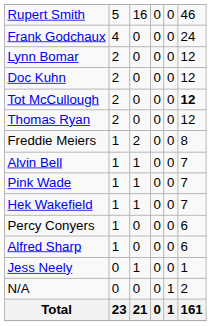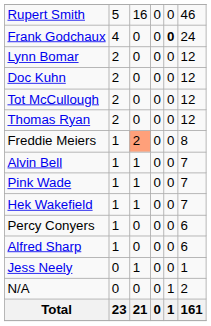 <table class="wikitable">
 <tr>
 </tr>
 <tr>
 <td><a href='#'>Rupert Smith</a></td>
 <td>5</td>
 <td>16</td>
 <td>0</td>
 <td>0</td>
 <td>46</td>
 </tr>
 <tr>
 <td><a href='#'>Frank Godchaux</a></td>
 <td>4</td>
 <td>0</td>
 <td>0</td>
-<td>0</td>
+<td><strong>0</strong></td>
 <td>24</td>
 </tr>
 <tr>
 <td><a href='#'>Lynn Bomar</a></td>
 <td>2</td>
 <td>0</td>
 <td>0</td>
 <td>0</td>
 <td>12</td>
 </tr>
 <tr>
 <td><a href='#'>Doc Kuhn</a></td>
 <td>2</td>
 <td>0</td>
 <td>0</td>
 <td>0</td>
 <td>12</td>
 </tr>
 <tr>
 <td><a href='#'>Tot McCullough</a></td>
 <td>2</td>
 <td>0</td>
 <td>0</td>
 <td>0</td>
-<td><strong>12</strong></td>
+<td>12</td>
 </tr>
 <tr>
 <td><a href='#'>Thomas Ryan</a></td>
 <td>2</td>
 <td>0</td>
 <td>0</td>
 <td>0</td>
 <td>12</td>
 </tr>
 <tr>
 <td>Freddie Meiers</td>
 <td>1</td>
-<td>2</td>
+<td style="background: lightsalmon;">2</td>
 <td>0</td>
 <td>0</td>
 <td>8</td>
 </tr>
 <tr>
 <td><a href='#'>Alvin Bell</a></td>
 <td>1</td>
 <td>1</td>
 <td>0</td>
 <td>0</td>
 <td>7</td>
 </tr>
 <tr>
 <td><a href='#'>Pink Wade</a></td>
 <td>1</td>
 <td>1</td>
 <td>0</td>
 <td>0</td>
 <td>7</td>
 </tr>
 <tr>
 <td><a href='#'>Hek Wakefield</a></td>
 <td>1</td>
 <td>1</td>
 <td>0</td>
 <td>0</td>
 <td>7</td>
 </tr>
 <tr>
 <td>Percy Conyers</td>
 <td>1</td>
 <td>0</td>
 <td>0</td>
 <td>0</td>
 <td>6</td>
 </tr>
 <tr>
 <td><a href='#'>Alfred Sharp</a></td>
 <td>1</td>
 <td>0</td>
 <td>0</td>
 <td>0</td>
 <td>6</td>
 </tr>
 <tr>
 <td><a href='#'>Jess Neely</a></td>
 <td>0</td>
 <td>1</td>
 <td>0</td>
 <td>0</td>
 <td>1</td>
 </tr>
 <tr>
 <td>N/A</td>
 <td>0</td>
 <td>0</td>
 <td>0</td>
 <td>1</td>
 <td>2</td>
 </tr>
 <tr>
 <th>Total</th>
 <th>23</th>
 <th>21</th>
 <th>0</th>
 <th>1</th>
 <th>161</th>
 </tr>
 <tr>
 </tr>
 </table>
